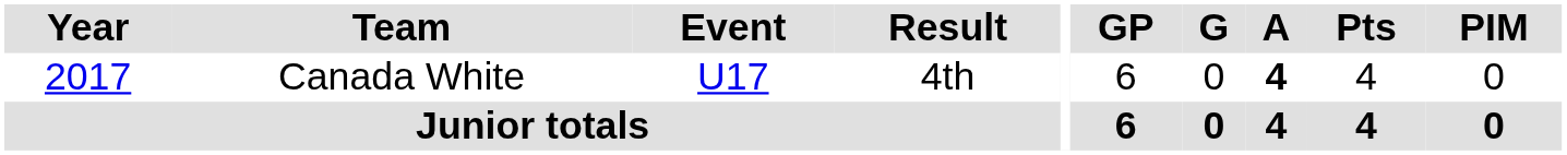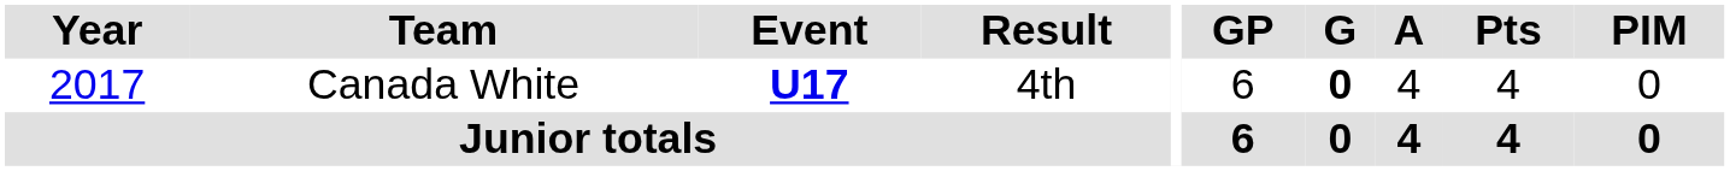 <table border="0" cellpadding="1" cellspacing="0" ID="Table3" style="text-align:center; width:40em">
 <tr bgcolor="#e0e0e0">
 <th>Year</th>
 <th>Team</th>
 <th>Event</th>
 <th>Result</th>
 <th rowspan="99" bgcolor="#ffffff"></th>
 <th>GP</th>
 <th>G</th>
 <th>A</th>
 <th>Pts</th>
 <th>PIM</th>
 </tr>
 <tr>
 <td><a href='#'>2017</a></td>
 <td>Canada White</td>
-<td><a href='#'>U17</a></td>
+<td><strong><a href='#'>U17</a></strong></td>
 <td>4th</td>
 <td>6</td>
-<td>0</td>
-<td><strong>4</strong></td>
+<td><strong>0</strong></td>
+<td>4</td>
 <td>4</td>
 <td>0</td>
 </tr>
 <tr bgcolor="#e0e0e0">
 <th colspan="4">Junior totals</th>
 <th>6</th>
 <th>0</th>
 <th>4</th>
 <th>4</th>
 <th>0</th>
 </tr>
 </table>
